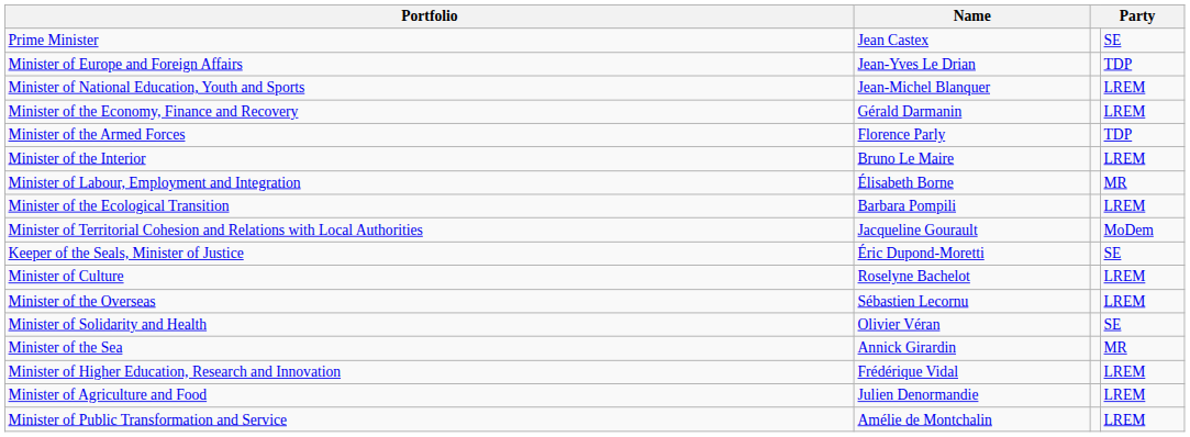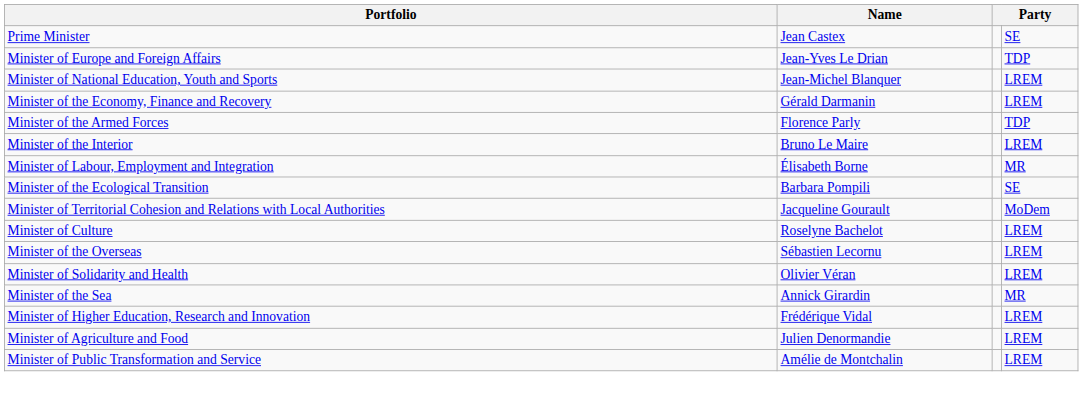 <table class="wikitable" style="width:100%">
 <tr>
 <th>Portfolio</th>
 <th style="width:20%">Name</th>
 <th style="width:8%" colspan="2">Party</th>
 </tr>
 <tr>
 <td><a href='#'>Prime Minister</a></td>
 <td><a href='#'>Jean Castex</a></td>
 <td style="background:"></td>
 <td><a href='#'>SE</a></td>
 </tr>
 <tr>
 <td><a href='#'>Minister of Europe and Foreign Affairs</a></td>
 <td><a href='#'>Jean-Yves Le Drian</a></td>
 <td style="background:"></td>
 <td><a href='#'>TDP</a></td>
 </tr>
 <tr>
 <td><a href='#'>Minister of National Education, Youth and Sports</a></td>
 <td><a href='#'>Jean-Michel Blanquer</a></td>
 <td style="background:"></td>
 <td><a href='#'>LREM</a></td>
 </tr>
 <tr>
 <td><a href='#'>Minister of the Economy, Finance and Recovery</a></td>
 <td><a href='#'>Gérald Darmanin</a></td>
 <td style="background:"></td>
 <td><a href='#'>LREM</a></td>
 </tr>
 <tr>
 <td><a href='#'>Minister of the Armed Forces</a></td>
 <td><a href='#'>Florence Parly</a></td>
 <td style="background:"></td>
 <td><a href='#'>TDP</a></td>
 </tr>
 <tr>
 <td><a href='#'>Minister of the Interior</a></td>
 <td><a href='#'>Bruno Le Maire</a></td>
 <td style="background:"></td>
 <td><a href='#'>LREM</a></td>
 </tr>
 <tr>
 <td><a href='#'>Minister of Labour, Employment and Integration</a></td>
 <td><a href='#'>Élisabeth Borne</a></td>
 <td style="background:"></td>
 <td><a href='#'>MR</a></td>
 </tr>
 <tr>
 <td><a href='#'>Minister of the Ecological Transition</a></td>
 <td><a href='#'>Barbara Pompili</a></td>
 <td style="background:"></td>
-<td><a href='#'>LREM</a></td>
+<td><a href='#'>SE</a></td>
 </tr>
 <tr>
 <td><a href='#'>Minister of Territorial Cohesion and Relations with Local Authorities</a></td>
 <td><a href='#'>Jacqueline Gourault</a></td>
 <td style=background:></td>
 <td><a href='#'>MoDem</a></td>
-</tr>
-<tr>
-<td><a href='#'>Keeper of the Seals, Minister of Justice</a></td>
-<td><a href='#'>Éric Dupond-Moretti</a></td>
-<td style="background:"></td>
-<td><a href='#'>SE</a></td>
 </tr>
 <tr>
 <td><a href='#'>Minister of Culture</a></td>
 <td><a href='#'>Roselyne Bachelot</a></td>
 <td style="background:"></td>
 <td><a href='#'>LREM</a></td>
 </tr>
 <tr>
 <td><a href='#'>Minister of the Overseas</a></td>
 <td><a href='#'>Sébastien Lecornu</a></td>
 <td style="background:"></td>
 <td><a href='#'>LREM</a></td>
 </tr>
 <tr>
 <td><a href='#'>Minister of Solidarity and Health</a></td>
 <td><a href='#'>Olivier Véran</a></td>
 <td style="background:"></td>
-<td><a href='#'>SE</a></td>
+<td><a href='#'>LREM</a></td>
 </tr>
 <tr>
 <td><a href='#'>Minister of the Sea</a></td>
 <td><a href='#'>Annick Girardin</a></td>
 <td style=background:></td>
 <td><a href='#'>MR</a></td>
 </tr>
 <tr>
 <td><a href='#'>Minister of Higher Education, Research and Innovation</a></td>
 <td><a href='#'>Frédérique Vidal</a></td>
 <td style="background:"></td>
 <td><a href='#'>LREM</a></td>
 </tr>
 <tr>
 <td><a href='#'>Minister of Agriculture and Food</a></td>
 <td><a href='#'>Julien Denormandie</a></td>
 <td style="background:"></td>
 <td><a href='#'>LREM</a></td>
 </tr>
 <tr>
 <td><a href='#'>Minister of Public Transformation and Service</a></td>
 <td><a href='#'>Amélie de Montchalin</a></td>
 <td style="background:"></td>
 <td><a href='#'>LREM</a></td>
 </tr>
 </table>
